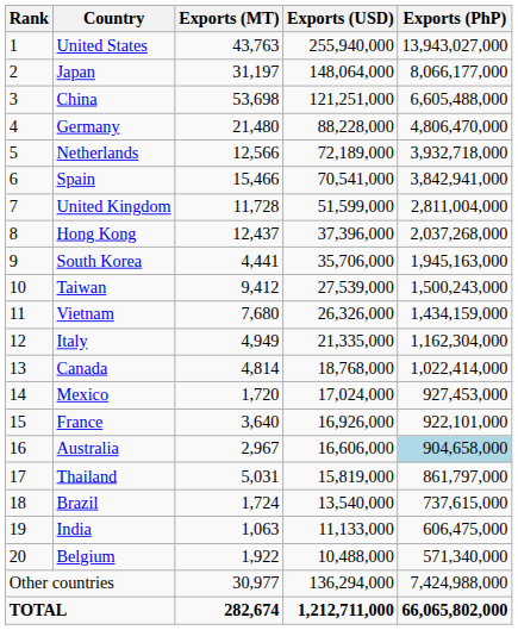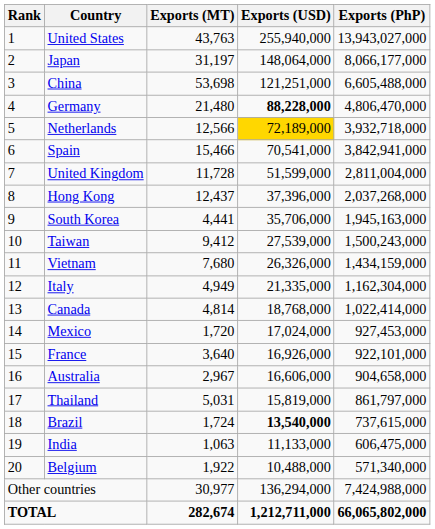 <table class="wikitable floatright">
 <tr>
 <th>Rank</th>
 <th>Country</th>
 <th>Exports (MT)</th>
 <th>Exports (USD)</th>
 <th>Exports (PhP)</th>
 </tr>
 <tr>
 <td>1</td>
 <td><a href='#'>United States</a></td>
 <td style="text-align:right;">43,763</td>
 <td style="text-align:right;">255,940,000</td>
 <td style="text-align:right;">13,943,027,000</td>
 </tr>
 <tr>
 <td>2</td>
 <td><a href='#'>Japan</a></td>
 <td style="text-align:right;">31,197</td>
 <td style="text-align:right;">148,064,000</td>
 <td style="text-align:right;">8,066,177,000</td>
 </tr>
 <tr>
 <td>3</td>
 <td><a href='#'>China</a></td>
 <td style="text-align:right;">53,698</td>
 <td style="text-align:right;">121,251,000</td>
 <td style="text-align:right;">6,605,488,000</td>
 </tr>
 <tr>
 <td>4</td>
 <td><a href='#'>Germany</a></td>
 <td style="text-align:right;">21,480</td>
-<td style="text-align:right;">88,228,000</td>
+<td style="text-align:right;"><strong>88,228,000</strong></td>
 <td style="text-align:right;">4,806,470,000</td>
 </tr>
 <tr>
 <td>5</td>
 <td><a href='#'>Netherlands</a></td>
 <td style="text-align:right;">12,566</td>
-<td style="text-align:right;">72,189,000</td>
+<td style="background: gold; text-align:right;">72,189,000</td>
 <td style="text-align:right;">3,932,718,000</td>
 </tr>
 <tr>
 <td>6</td>
 <td><a href='#'>Spain</a></td>
 <td style="text-align:right;">15,466</td>
 <td style="text-align:right;">70,541,000</td>
 <td style="text-align:right;">3,842,941,000</td>
 </tr>
 <tr>
 <td>7</td>
 <td><a href='#'>United Kingdom</a></td>
 <td style="text-align:right;">11,728</td>
 <td style="text-align:right;">51,599,000</td>
 <td style="text-align:right;">2,811,004,000</td>
 </tr>
 <tr>
 <td>8</td>
 <td><a href='#'>Hong Kong</a></td>
 <td style="text-align:right;">12,437</td>
 <td style="text-align:right;">37,396,000</td>
 <td style="text-align:right;">2,037,268,000</td>
 </tr>
 <tr>
 <td>9</td>
 <td><a href='#'>South Korea</a></td>
 <td style="text-align:right;">4,441</td>
 <td style="text-align:right;">35,706,000</td>
 <td style="text-align:right;">1,945,163,000</td>
 </tr>
 <tr>
 <td>10</td>
 <td><a href='#'>Taiwan</a></td>
 <td style="text-align:right;">9,412</td>
 <td style="text-align:right;">27,539,000</td>
 <td style="text-align:right;">1,500,243,000</td>
 </tr>
 <tr>
 <td>11</td>
 <td><a href='#'>Vietnam</a></td>
 <td style="text-align:right;">7,680</td>
 <td style="text-align:right;">26,326,000</td>
 <td style="text-align:right;">1,434,159,000</td>
 </tr>
 <tr>
 <td>12</td>
 <td><a href='#'>Italy</a></td>
 <td style="text-align:right;">4,949</td>
 <td style="text-align:right;">21,335,000</td>
 <td style="text-align:right;">1,162,304,000</td>
 </tr>
 <tr>
 <td>13</td>
 <td><a href='#'>Canada</a></td>
 <td style="text-align:right;">4,814</td>
 <td style="text-align:right;">18,768,000</td>
 <td style="text-align:right;">1,022,414,000</td>
 </tr>
 <tr>
 <td>14</td>
 <td><a href='#'>Mexico</a></td>
 <td style="text-align:right;">1,720</td>
 <td style="text-align:right;">17,024,000</td>
 <td style="text-align:right;">927,453,000</td>
 </tr>
 <tr>
 <td>15</td>
 <td><a href='#'>France</a></td>
 <td style="text-align:right;">3,640</td>
 <td style="text-align:right;">16,926,000</td>
 <td style="text-align:right;">922,101,000</td>
 </tr>
 <tr>
 <td>16</td>
 <td><a href='#'>Australia</a></td>
 <td style="text-align:right;">2,967</td>
 <td style="text-align:right;">16,606,000</td>
-<td style="background: lightblue; text-align:right;">904,658,000</td>
+<td style="text-align:right;">904,658,000</td>
 </tr>
 <tr>
 <td>17</td>
 <td><a href='#'>Thailand</a></td>
 <td style="text-align:right;">5,031</td>
 <td style="text-align:right;">15,819,000</td>
 <td style="text-align:right;">861,797,000</td>
 </tr>
 <tr>
 <td>18</td>
 <td><a href='#'>Brazil</a></td>
 <td style="text-align:right;">1,724</td>
-<td style="text-align:right;">13,540,000</td>
+<td style="text-align:right;"><strong>13,540,000</strong></td>
 <td style="text-align:right;">737,615,000</td>
 </tr>
 <tr>
 <td>19</td>
 <td><a href='#'>India</a></td>
 <td style="text-align:right;">1,063</td>
 <td style="text-align:right;">11,133,000</td>
 <td style="text-align:right;">606,475,000</td>
 </tr>
 <tr>
 <td>20</td>
 <td><a href='#'>Belgium</a></td>
 <td style="text-align:right;">1,922</td>
 <td style="text-align:right;">10,488,000</td>
 <td style="text-align:right;">571,340,000</td>
 </tr>
 <tr>
 <td colspan="2">Other countries</td>
 <td style="text-align:right;">30,977</td>
 <td style="text-align:right;">136,294,000</td>
 <td style="text-align:right;">7,424,988,000</td>
 </tr>
 <tr>
 <td colspan="2"><strong>TOTAL</strong></td>
 <td style="text-align:right;"><strong>282,674</strong></td>
 <td style="text-align:right;"><strong>1,212,711,000</strong></td>
 <td style="text-align:right;"><strong>66,065,802,000</strong></td>
 </tr>
 </table>
